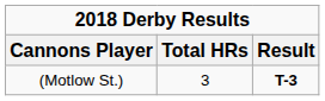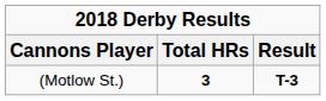 <table class="wikitable" style="text-align:center">
 <tr>
 <td colspan="6"><strong>2018 Derby Results</strong></td>
 </tr>
 <tr>
 <th>Cannons Player</th>
 <th>Total HRs</th>
 <th>Result</th>
 </tr>
 <tr>
 <td><small> (Motlow St.)</small></td>
-<td><small>3</small></td>
+<td><strong><small>3</small></strong></td>
 <td><strong><small>T-3</small></strong></td>
 </tr>
 </table>
